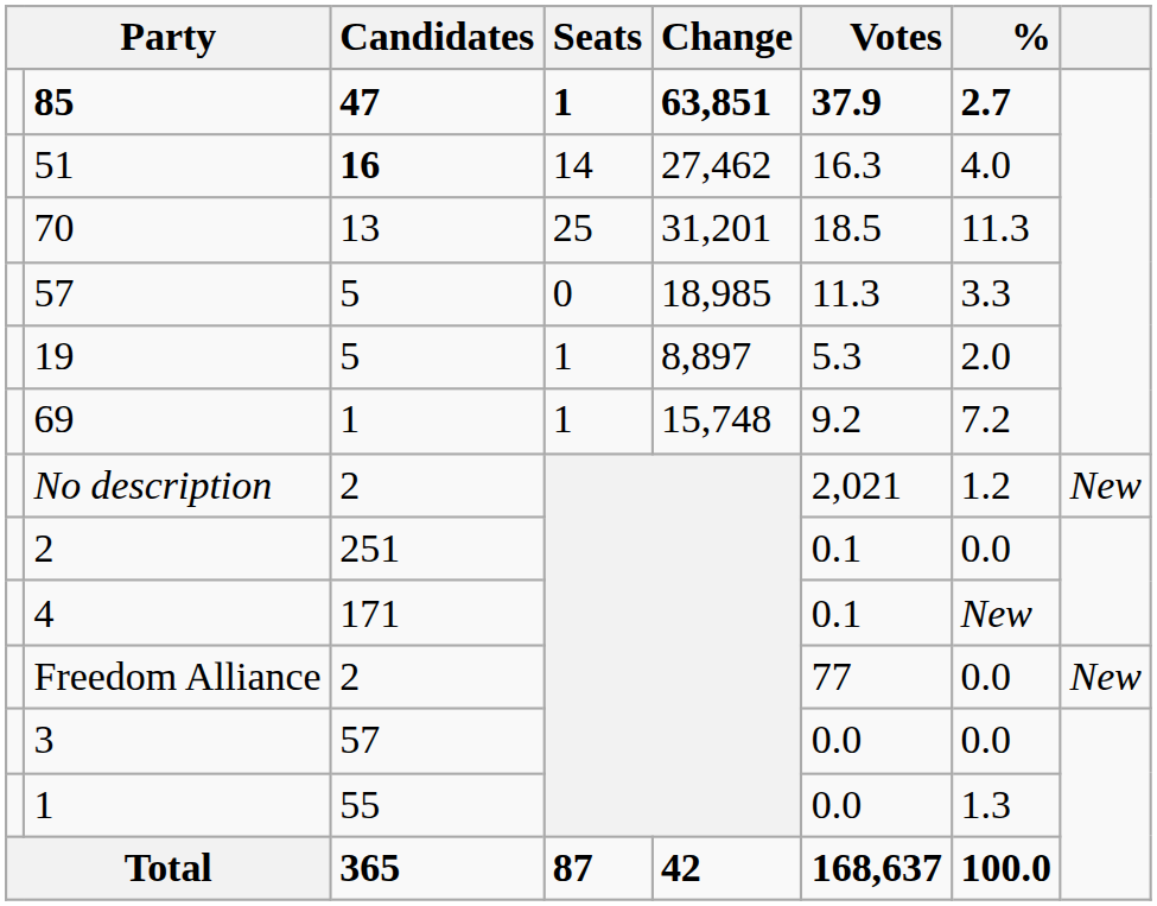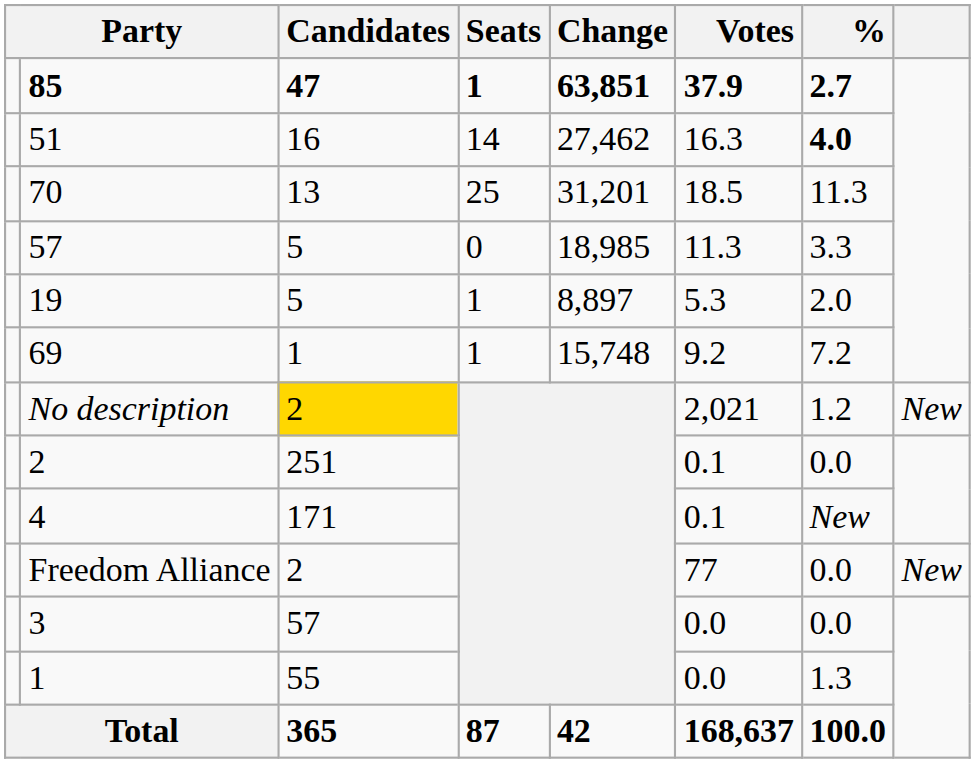 <table class="wikitable">
 <tr>
 <th colspan="2">Party</th>
 <th style="text-align:right;">Candidates</th>
 <th style="text-align:right;">Seats</th>
 <th style="text-align:right;">Change</th>
 <th style="text-align:right;">Votes</th>
 <th style="text-align:right;">%</th>
 <th style="text-align:right;"></th>
 </tr>
 <tr>
 <td></td>
 <td><strong>85</strong></td>
 <td><strong>47</strong></td>
 <td><strong>1</strong></td>
 <td><strong>63,851</strong></td>
 <td><strong>37.9</strong></td>
 <td><strong>2.7</strong></td>
 </tr>
 <tr>
 <td></td>
 <td>51</td>
-<td><strong>16</strong></td>
+<td>16</td>
 <td>14</td>
 <td>27,462</td>
 <td>16.3</td>
-<td>4.0</td>
+<td><strong>4.0</strong></td>
 </tr>
 <tr>
 <td></td>
 <td>70</td>
 <td>13</td>
 <td>25</td>
 <td>31,201</td>
 <td>18.5</td>
 <td>11.3</td>
 </tr>
 <tr>
 <td></td>
 <td>57</td>
 <td>5</td>
 <td>0</td>
 <td>18,985</td>
 <td>11.3</td>
 <td>3.3</td>
 </tr>
 <tr>
 <td></td>
 <td>19</td>
 <td>5</td>
 <td>1</td>
 <td>8,897</td>
 <td>5.3</td>
 <td>2.0</td>
 </tr>
 <tr>
 <td></td>
 <td>69</td>
 <td>1</td>
 <td>1</td>
 <td>15,748</td>
 <td>9.2</td>
 <td>7.2</td>
 </tr>
 <tr>
 <td></td>
 <td><em>No description</em></td>
-<td>2</td>
+<td style="background: gold;">2</td>
 <th rowspan = "6" colspan = "2"></th>
 <td>2,021</td>
 <td>1.2</td>
 <td><em>New</em></td>
 </tr>
 <tr>
 <td></td>
 <td>2</td>
 <td>251</td>
 <td>0.1</td>
 <td>0.0</td>
 </tr>
 <tr>
 <td></td>
 <td>4</td>
 <td>171</td>
 <td>0.1</td>
 <td><em>New</em></td>
 </tr>
 <tr>
 <td></td>
 <td>Freedom Alliance</td>
 <td>2</td>
 <td>77</td>
 <td>0.0</td>
 <td><em>New</em></td>
 </tr>
 <tr>
 <td></td>
 <td>3</td>
 <td>57</td>
 <td>0.0</td>
 <td>0.0</td>
 </tr>
 <tr>
 <td></td>
 <td>1</td>
 <td>55</td>
 <td>0.0</td>
 <td>1.3</td>
 </tr>
 <tr>
 <th colspan=2>Total</th>
 <td><strong>365</strong></td>
 <td><strong>87</strong></td>
 <td><strong>42</strong></td>
 <td><strong>168,637</strong></td>
 <td><strong>100.0</strong></td>
 </tr>
 </table>
